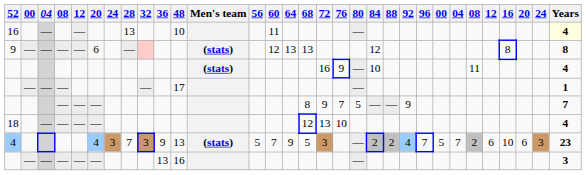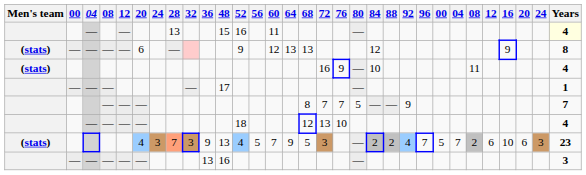 <table class="wikitable plainrowheaders sticky-header" style="text-align: center; margin-left: 1em;">
 <tr>
-<th scope="col"><a href='#'>52</a></th>
+<th scope="col">Men's team</th>
 <th scope="col"><a href='#'>00</a></th>
 <th scope="col"><em><a href='#'>04</a></em></th>
 <th scope="col"><a href='#'>08</a></th>
 <th scope="col"><a href='#'>12</a></th>
 <th scope="col"><a href='#'>20</a></th>
 <th scope="col"><a href='#'>24</a></th>
 <th scope="col"><a href='#'>28</a></th>
 <th scope="col"><a href='#'>32</a></th>
 <th scope="col"><a href='#'>36</a></th>
 <th scope="col"><a href='#'>48</a></th>
-<th scope="col">Men's team</th>
+<th scope="col"><a href='#'>52</a></th>
 <th scope="col"><a href='#'>56</a></th>
 <th scope="col"><a href='#'>60</a></th>
 <th scope="col"><a href='#'>64</a></th>
 <th scope="col"><a href='#'>68</a></th>
 <th scope="col"><a href='#'>72</a></th>
 <th scope="col"><a href='#'>76</a></th>
 <th scope="col"><a href='#'>80</a></th>
 <th scope="col"><a href='#'>84</a></th>
 <th scope="col"><a href='#'>88</a></th>
 <th scope="col"><a href='#'>92</a></th>
 <th scope="col"><a href='#'>96</a></th>
 <th scope="col"><a href='#'>00</a></th>
 <th scope="col"><a href='#'>04</a></th>
 <th scope="col"><a href='#'>08</a></th>
 <th scope="col"><a href='#'>12</a></th>
 <th scope="col"><a href='#'>16</a></th>
 <th scope="col"><a href='#'>20</a></th>
 <th scope="col"><a href='#'>24</a></th>
 <th scope="col">Years</th>
 </tr>
 <tr>
-<td>16</td>
+<th scope="row"></th>
 <td></td>
 <td style="background-color: lightgray;">—</td>
 <td></td>
 <td style="background-color: #ececec;">—</td>
 <td></td>
 <td></td>
 <td>13</td>
 <td></td>
 <td></td>
-<td>10</td>
-<th scope="row"></th>
+<td>15</td>
+<td>16</td>
 <td></td>
 <td>11</td>
 <td></td>
 <td></td>
 <td></td>
 <td></td>
 <td style="background-color: #ececec;">—</td>
 <td></td>
 <td></td>
 <td></td>
 <td></td>
 <td></td>
 <td></td>
 <td></td>
 <td></td>
 <td></td>
 <td></td>
 <td></td>
 <td style="background: lightyellow;"><strong>4</strong></td>
 </tr>
 <tr>
-<td>9</td>
+<th scope="row"> (<a href='#'>stats</a>)</th>
 <td style="background-color: #ececec;">—</td>
 <td style="background-color: lightgray;">—</td>
 <td style="background-color: #ececec;">—</td>
 <td style="background-color: #ececec;">—</td>
 <td>6</td>
 <td></td>
 <td style="background-color: #ececec;">—</td>
 <td style="background-color: #ffcccc;"></td>
 <td></td>
 <td></td>
-<th scope="row"> (<a href='#'>stats</a>)</th>
+<td>9</td>
 <td></td>
 <td>12</td>
 <td>13</td>
 <td>13</td>
 <td></td>
 <td></td>
 <td></td>
 <td>12</td>
 <td></td>
 <td></td>
 <td></td>
 <td></td>
 <td></td>
 <td></td>
 <td></td>
-<td style="border: 2px solid blue;">8</td>
+<td style="border: 2px solid blue;">9</td>
 <td></td>
 <td></td>
 <td><strong>8</strong></td>
 </tr>
 <tr>
-<td></td>
+<th scope="row"> (<a href='#'>stats</a>)</th>
 <td></td>
 <td style="background-color: lightgray;"></td>
 <td></td>
 <td></td>
 <td></td>
 <td></td>
 <td></td>
 <td></td>
 <td></td>
 <td></td>
-<th scope="row"> (<a href='#'>stats</a>)</th>
+<td></td>
 <td></td>
 <td></td>
 <td></td>
 <td></td>
 <td>16</td>
 <td style="border: 2px solid blue;">9</td>
 <td style="background-color: #ececec;">—</td>
 <td>10</td>
 <td></td>
 <td></td>
 <td></td>
 <td></td>
 <td></td>
 <td>11</td>
 <td></td>
 <td></td>
 <td></td>
 <td></td>
 <td><strong>4</strong></td>
 </tr>
 <tr>
-<td></td>
+<th scope="row"></th>
 <td style="background-color: #ececec;">—</td>
 <td style="background-color: lightgray;">—</td>
 <td style="background-color: #ececec;">—</td>
 <td></td>
 <td></td>
 <td></td>
 <td></td>
 <td style="background-color: #ececec;">—</td>
 <td></td>
 <td>17</td>
-<th scope="row"></th>
+<td></td>
 <td></td>
 <td></td>
 <td></td>
 <td></td>
 <td></td>
 <td></td>
 <td style="background-color: #ececec;">—</td>
 <td></td>
 <td></td>
 <td></td>
 <td></td>
 <td></td>
 <td></td>
 <td></td>
 <td></td>
 <td></td>
 <td></td>
 <td></td>
 <td><strong>1</strong></td>
 </tr>
 <tr>
-<td></td>
+<th scope="row"></th>
 <td></td>
 <td style="background-color: lightgray;"></td>
 <td style="background-color: #ececec;">—</td>
 <td style="background-color: #ececec;">—</td>
 <td style="background-color: #ececec;">—</td>
 <td></td>
 <td></td>
 <td></td>
 <td></td>
 <td></td>
-<th scope="row"></th>
+<td></td>
 <td></td>
 <td></td>
 <td></td>
 <td>8</td>
-<td>9</td>
+<td>7</td>
 <td>7</td>
 <td>5</td>
 <td style="background-color: #ececec;">—</td>
 <td style="background-color: #ececec;">—</td>
 <td>9</td>
 <td></td>
 <td></td>
 <td></td>
 <td></td>
 <td></td>
 <td></td>
 <td></td>
 <td></td>
 <td><strong>7</strong></td>
 </tr>
 <tr>
-<td>18</td>
+<th scope="row"></th>
 <td></td>
 <td style="background-color: lightgray;">—</td>
 <td style="background-color: #ececec;">—</td>
 <td style="background-color: #ececec;">—</td>
 <td style="background-color: #ececec;">—</td>
 <td></td>
 <td></td>
 <td></td>
 <td></td>
 <td></td>
-<th scope="row"></th>
+<td>18</td>
 <td></td>
 <td></td>
 <td></td>
 <td style="border: 2px solid blue;">12</td>
 <td>13</td>
 <td>10</td>
 <td></td>
 <td></td>
 <td></td>
 <td></td>
 <td></td>
 <td></td>
 <td></td>
 <td></td>
 <td></td>
 <td></td>
 <td></td>
 <td></td>
 <td><strong>4</strong></td>
 </tr>
 <tr>
-<td style="background-color: #9acdff;">4</td>
+<th scope="row"> (<a href='#'>stats</a>)</th>
 <td></td>
 <td style="border: 2px solid blue; background-color: lightgray;"></td>
 <td></td>
 <td></td>
 <td style="background-color: #9acdff;">4</td>
 <td style="background-color: #cc9966;">3</td>
-<td>7</td>
+<td style="background: lightsalmon;">7</td>
 <td style="border: 2px solid blue; background-color: #cc9966;">3</td>
 <td>9</td>
 <td>13</td>
-<th scope="row"> (<a href='#'>stats</a>)</th>
+<td style="background-color: #9acdff;">4</td>
 <td>5</td>
 <td>7</td>
 <td>9</td>
 <td>5</td>
 <td style="background-color: #cc9966;">3</td>
 <td></td>
 <td style="background-color: #ececec;">—</td>
 <td style="border: 2px solid blue; background-color: silver;">2</td>
 <td style="background-color: silver;">2</td>
 <td style="background-color: #9acdff;">4</td>
 <td style="border: 2px solid blue;">7</td>
 <td>5</td>
 <td>7</td>
 <td style="background-color: silver;">2</td>
 <td>6</td>
 <td>10</td>
 <td>6</td>
 <td style="background-color: #cc9966;">3</td>
 <td><strong>23</strong></td>
 </tr>
 <tr>
-<td></td>
+<th scope="row"></th>
 <td style="background-color: #ececec;">—</td>
 <td style="background-color: lightgray;">—</td>
 <td style="background-color: #ececec;">—</td>
 <td style="background-color: #ececec;">—</td>
 <td style="background-color: #ececec;">—</td>
 <td></td>
 <td></td>
 <td></td>
 <td>13</td>
 <td>16</td>
-<th scope="row"></th>
+<td></td>
 <td></td>
 <td></td>
 <td></td>
 <td></td>
 <td></td>
 <td></td>
 <td style="background-color: #ececec;">—</td>
 <td></td>
 <td></td>
 <td></td>
 <td></td>
 <td></td>
 <td></td>
 <td></td>
 <td></td>
 <td></td>
 <td></td>
 <td></td>
 <td><strong>3</strong></td>
 </tr>
 </table>
